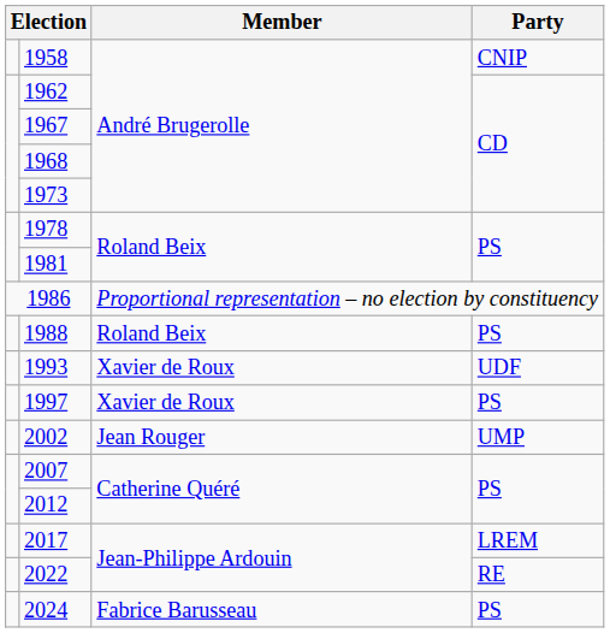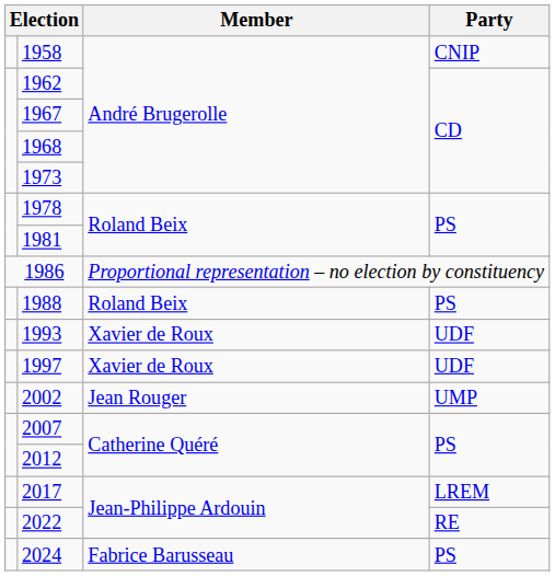 <table class="wikitable">
 <tr>
 <th colspan="2">Election</th>
 <th>Member</th>
 <th>Party</th>
 </tr>
 <tr>
 <td style="color:inherit;background-color: "></td>
 <td><a href='#'>1958</a></td>
 <td rowspan="5"><a href='#'>André Brugerolle</a></td>
 <td><a href='#'>CNIP</a></td>
 </tr>
 <tr>
 <td rowspan="4" style="color:inherit;background-color: "></td>
 <td><a href='#'>1962</a></td>
 <td rowspan="4"><a href='#'>CD</a></td>
 </tr>
 <tr>
 <td><a href='#'>1967</a></td>
 </tr>
 <tr>
 <td><a href='#'>1968</a></td>
 </tr>
 <tr>
 <td><a href='#'>1973</a></td>
 </tr>
 <tr>
 <td rowspan="2" style="color:inherit;background-color: "></td>
 <td><a href='#'>1978</a></td>
 <td rowspan="2"><a href='#'>Roland Beix</a></td>
 <td rowspan="2"><a href='#'>PS</a></td>
 </tr>
 <tr>
 <td><a href='#'>1981</a></td>
 </tr>
 <tr>
 <td colspan="2" align="center"><a href='#'>1986</a></td>
 <td colspan="2"><em><a href='#'>Proportional representation</a> – no election by constituency</em></td>
 </tr>
 <tr>
 <td style="color:inherit;background-color: "></td>
 <td><a href='#'>1988</a></td>
 <td><a href='#'>Roland Beix</a></td>
 <td><a href='#'>PS</a></td>
 </tr>
 <tr>
 <td style="color:inherit;background-color: "></td>
 <td><a href='#'>1993</a></td>
 <td><a href='#'>Xavier de Roux</a></td>
 <td><a href='#'>UDF</a></td>
 </tr>
 <tr>
 <td style="color:inherit;background-color: "></td>
 <td><a href='#'>1997</a></td>
 <td><a href='#'>Xavier de Roux</a></td>
-<td><a href='#'>PS</a></td>
+<td><a href='#'>UDF</a></td>
 </tr>
 <tr>
 <td style="color:inherit;background-color: "></td>
 <td><a href='#'>2002</a></td>
 <td><a href='#'>Jean Rouger</a></td>
 <td><a href='#'>UMP</a></td>
 </tr>
 <tr>
 <td rowspan="2" style="color:inherit;background-color: "></td>
 <td><a href='#'>2007</a></td>
 <td rowspan="2"><a href='#'>Catherine Quéré</a></td>
 <td rowspan="2"><a href='#'>PS</a></td>
 </tr>
 <tr>
 <td><a href='#'>2012</a></td>
 </tr>
 <tr>
 <td style="color:inherit;background-color: "></td>
 <td><a href='#'>2017</a></td>
 <td rowspan="2"><a href='#'>Jean-Philippe Ardouin</a></td>
 <td><a href='#'>LREM</a></td>
 </tr>
 <tr>
 <td style="color:inherit;background-color: "></td>
 <td><a href='#'>2022</a></td>
 <td><a href='#'>RE</a></td>
 </tr>
 <tr>
 <td style="color:inherit;background-color: "></td>
 <td><a href='#'>2024</a></td>
 <td><a href='#'>Fabrice Barusseau</a></td>
 <td><a href='#'>PS</a></td>
 </tr>
 </table>
